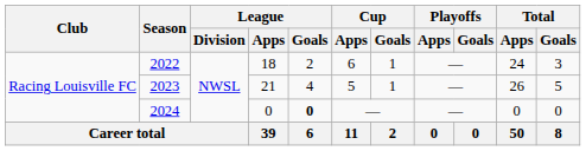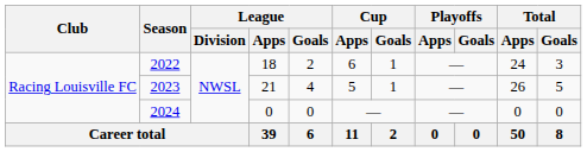 <table class="wikitable" style="text-align: center;">
 <tr>
 <th rowspan="2">Club</th>
 <th rowspan="2">Season</th>
 <th colspan="3">League</th>
 <th colspan="2">Cup</th>
 <th colspan="2">Playoffs</th>
 <th colspan="2">Total</th>
 </tr>
 <tr>
 <th>Division</th>
 <th>Apps</th>
 <th>Goals</th>
 <th>Apps</th>
 <th>Goals</th>
 <th>Apps</th>
 <th>Goals</th>
 <th>Apps</th>
 <th>Goals</th>
 </tr>
 <tr>
 <td rowspan="3"><a href='#'>Racing Louisville FC</a></td>
 <td><a href='#'>2022</a></td>
 <td rowspan="3"><a href='#'>NWSL</a></td>
 <td>18</td>
 <td>2</td>
 <td>6</td>
 <td>1</td>
 <td colspan="2">—</td>
 <td>24</td>
 <td>3</td>
 </tr>
 <tr>
 <td><a href='#'>2023</a></td>
 <td>21</td>
 <td>4</td>
 <td>5</td>
 <td>1</td>
 <td colspan="2">—</td>
 <td>26</td>
 <td>5</td>
 </tr>
 <tr>
 <td><a href='#'>2024</a></td>
 <td>0</td>
-<td><strong>0</strong></td>
+<td>0</td>
 <td colspan="2">—</td>
 <td colspan="2">—</td>
 <td>0</td>
 <td>0</td>
 </tr>
 <tr>
 <th colspan="3">Career total</th>
 <th>39</th>
 <th>6</th>
 <th>11</th>
 <th>2</th>
 <th>0</th>
 <th>0</th>
 <th>50</th>
 <th>8</th>
 </tr>
 </table>
